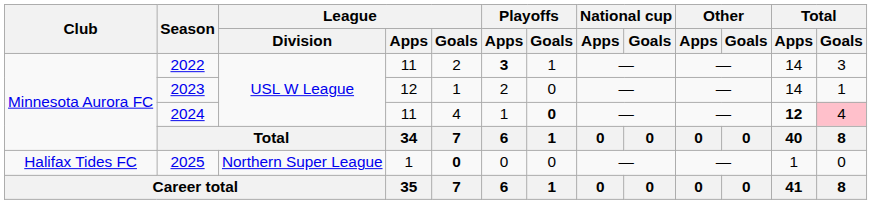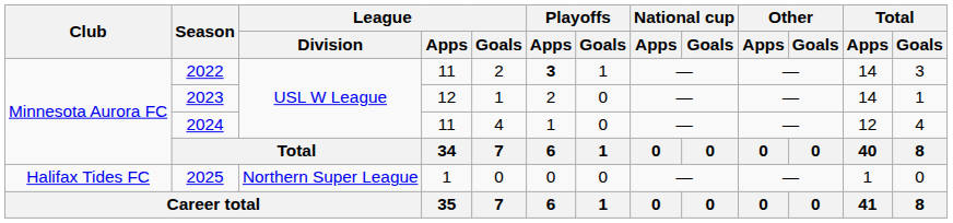 <table class="wikitable" style="text-align: center;">
 <tr>
 <th rowspan="2">Club</th>
 <th rowspan="2">Season</th>
 <th colspan="3">League</th>
 <th colspan="2">Playoffs</th>
 <th colspan="2">National cup</th>
 <th colspan="2">Other</th>
 <th colspan="2">Total</th>
 </tr>
 <tr>
 <th>Division</th>
 <th>Apps</th>
 <th>Goals</th>
 <th>Apps</th>
 <th>Goals</th>
 <th>Apps</th>
 <th>Goals</th>
 <th>Apps</th>
 <th>Goals</th>
 <th>Apps</th>
 <th>Goals</th>
 </tr>
 <tr>
 <td rowspan=4><a href='#'>Minnesota Aurora FC</a></td>
 <td><a href='#'>2022</a></td>
 <td rowspan=3><a href='#'>USL W League</a></td>
 <td>11</td>
 <td>2</td>
 <td><strong>3</strong></td>
 <td>1</td>
 <td colspan="2">—</td>
 <td colspan="2">—</td>
 <td>14</td>
 <td>3</td>
 </tr>
 <tr>
 <td><a href='#'>2023</a></td>
 <td>12</td>
 <td>1</td>
 <td>2</td>
 <td>0</td>
 <td colspan="2">—</td>
 <td colspan="2">—</td>
 <td>14</td>
 <td>1</td>
 </tr>
 <tr>
 <td><a href='#'>2024</a></td>
 <td>11</td>
 <td>4</td>
 <td>1</td>
-<td><strong>0</strong></td>
+<td>0</td>
 <td colspan="2">—</td>
 <td colspan="2">—</td>
-<td><strong>12</strong></td>
-<td style="background: pink;">4</td>
+<td>12</td>
+<td>4</td>
 </tr>
 <tr>
 <th colspan="2">Total</th>
 <th>34</th>
 <th>7</th>
 <th>6</th>
 <th>1</th>
 <th>0</th>
 <th>0</th>
 <th>0</th>
 <th>0</th>
 <th>40</th>
 <th>8</th>
 </tr>
 <tr>
 <td><a href='#'>Halifax Tides FC</a></td>
 <td><a href='#'>2025</a></td>
 <td><a href='#'>Northern Super League</a></td>
 <td>1</td>
-<td><strong>0</strong></td>
+<td>0</td>
 <td>0</td>
 <td>0</td>
 <td colspan="2">—</td>
 <td colspan="2">—</td>
 <td>1</td>
 <td>0</td>
 </tr>
 <tr>
 <th colspan="3">Career total</th>
 <th>35</th>
 <th>7</th>
 <th>6</th>
 <th>1</th>
 <th>0</th>
 <th>0</th>
 <th>0</th>
 <th>0</th>
 <th>41</th>
 <th>8</th>
 </tr>
 </table>
